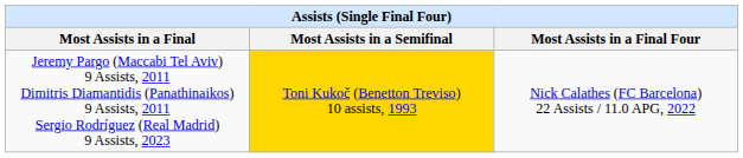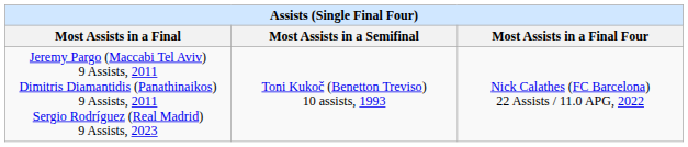 <table class="wikitable" style="text-align: center;">
 <tr>
 <td colspan=3 bgcolor="#D0E7FF"><strong>Assists (Single Final Four)</strong></td>
 </tr>
 <tr>
 <th width=30%>Most Assists in a Final</th>
 <th width=30%>Most Assists in a Semifinal</th>
 <th width=30%>Most Assists in a Final Four</th>
 </tr>
 <tr>
 <td> <a href='#'>Jeremy Pargo</a> (<a href='#'>Maccabi Tel Aviv</a>)<br>9 Assists, <a href='#'>2011</a><br> <a href='#'>Dimitris Diamantidis</a> (<a href='#'>Panathinaikos</a>)<br>9 Assists, <a href='#'>2011</a><br> <a href='#'>Sergio Rodríguez</a> (<a href='#'>Real Madrid</a>)<br>9 Assists, <a href='#'>2023</a></td>
-<td style="background: gold;"> <a href='#'>Toni Kukoč</a> (<a href='#'>Benetton Treviso</a>)<br>10 assists, <a href='#'>1993</a></td>
+<td> <a href='#'>Toni Kukoč</a> (<a href='#'>Benetton Treviso</a>)<br>10 assists, <a href='#'>1993</a></td>
 <td> <a href='#'>Nick Calathes</a> (<a href='#'>FC Barcelona</a>)<br>22 Assists / 11.0 APG, <a href='#'>2022</a></td>
 </tr>
 </table>
